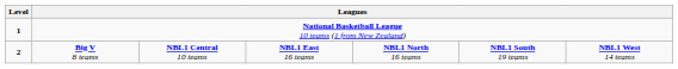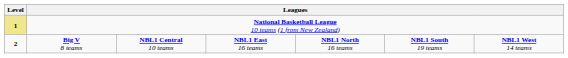 <table class="wikitable"  style="text-align:center; font-size:11px; width:99%;">
 <tr>
 <th>Level</th>
 <th colspan=6>Leagues</th>
 </tr>
 <tr>
-<td><strong>1</strong></td>
+<td style="background: khaki;"><strong>1</strong></td>
 <td colspan=6><strong><a href='#'>National Basketball League</a></strong><br><em><a href='#'>10 teams</a> (<a href='#'>1 from New Zealand</a>)</em></td>
 </tr>
 <tr>
 <td rowspan=2><strong>2</strong></td>
 <td style="width:16%;" rowspan="2"><strong><a href='#'>Big V</a></strong><br><em>8 teams</em></td>
 <td style="width:16%;" rowspan="2"><strong><a href='#'>NBL1 Central</a></strong><br><em>10 teams</em></td>
 <td style="width:16%;" rowspan="2"><strong><a href='#'>NBL1 East</a></strong><br><em>16 teams</em></td>
 <td style="width:16%;" rowspan="2"><strong><a href='#'>NBL1 North</a></strong><br><em>16 teams</em></td>
 <td style="width:16%;" rowspan="2"><strong><a href='#'>NBL1 South</a></strong><br><em>19 teams</em></td>
 <td style="width:16%;" rowspan="2"><strong><a href='#'>NBL1 West</a></strong><br><em>14 teams</em></td>
 </tr>
 </table>
